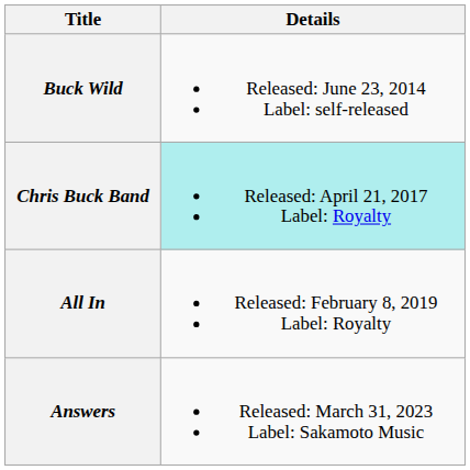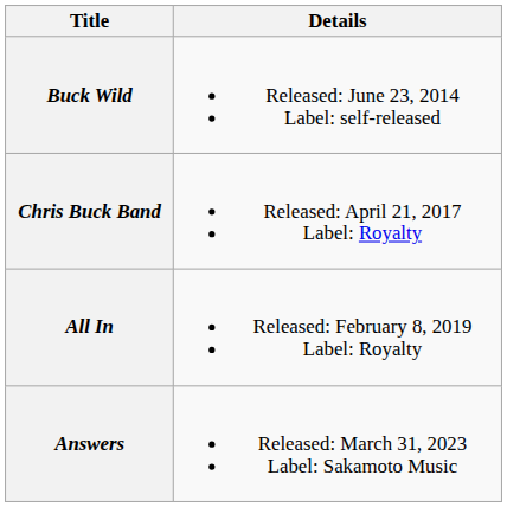 <table class="wikitable plainrowheaders" style="text-align:center;">
 <tr>
 <th scope="col" style="width:8em;">Title</th>
 <th scope="col" style="width:16em;">Details</th>
 </tr>
 <tr>
 <th scope="row"><em>Buck Wild</em></th>
 <td><br><ul><li>Released: June 23, 2014</li><li>Label: self-released</li></ul></td>
 </tr>
 <tr>
 <th scope="row"><em>Chris Buck Band</em></th>
-<td style="background: paleturquoise;"><br><ul><li>Released: April 21, 2017</li><li>Label: <a href='#'>Royalty</a></li></ul></td>
+<td><br><ul><li>Released: April 21, 2017</li><li>Label: <a href='#'>Royalty</a></li></ul></td>
 </tr>
 <tr>
 <th scope="row"><em>All In</em></th>
 <td><br><ul><li>Released: February 8, 2019</li><li>Label: Royalty</li></ul></td>
 </tr>
 <tr>
 <th scope="row"><em>Answers</em></th>
 <td><br><ul><li>Released: March 31, 2023</li><li>Label: Sakamoto Music</li></ul></td>
 </tr>
 </table>
